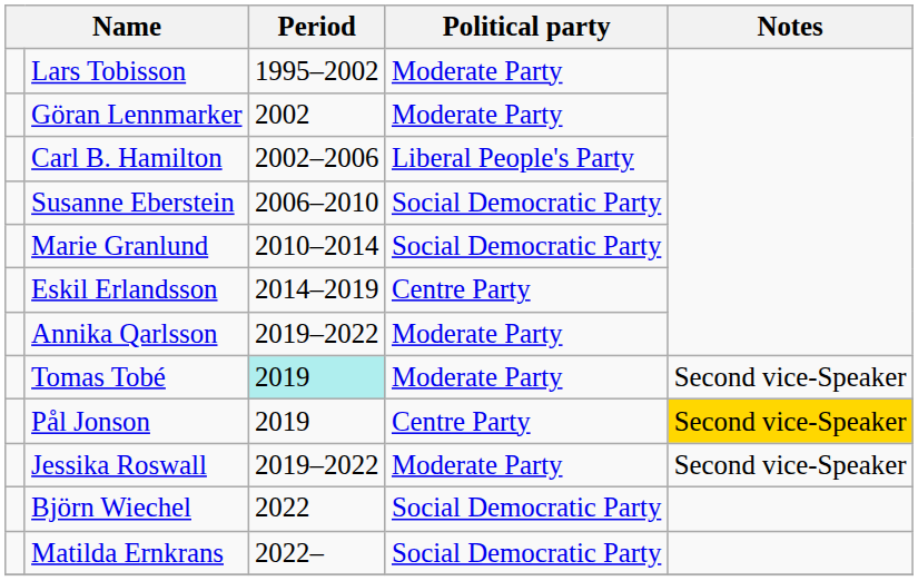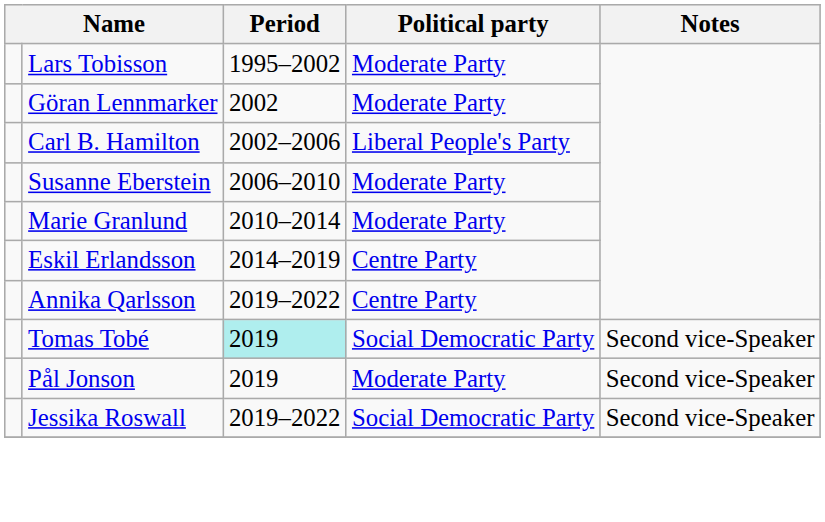 <table class="wikitable">
 <tr>
 <th colspan="2">Name</th>
 <th>Period</th>
 <th>Political party</th>
 <th>Notes</th>
 </tr>
 <tr>
 <td> </td>
 <td><a href='#'>Lars Tobisson</a></td>
 <td>1995–2002</td>
 <td><a href='#'>Moderate Party</a></td>
 </tr>
 <tr>
 <td> </td>
 <td><a href='#'>Göran Lennmarker</a></td>
 <td>2002</td>
 <td><a href='#'>Moderate Party</a></td>
 </tr>
 <tr>
 <td> </td>
 <td><a href='#'>Carl B. Hamilton</a></td>
 <td>2002–2006</td>
 <td><a href='#'>Liberal People's Party</a></td>
 </tr>
 <tr>
 <td> </td>
 <td><a href='#'>Susanne Eberstein</a></td>
 <td>2006–2010</td>
-<td><a href='#'>Social Democratic Party</a></td>
+<td><a href='#'>Moderate Party</a></td>
 </tr>
 <tr>
 <td> </td>
 <td><a href='#'>Marie Granlund</a></td>
 <td>2010–2014</td>
-<td><a href='#'>Social Democratic Party</a></td>
+<td><a href='#'>Moderate Party</a></td>
 </tr>
 <tr>
 <td> </td>
 <td><a href='#'>Eskil Erlandsson</a></td>
 <td>2014–2019</td>
 <td><a href='#'>Centre Party</a></td>
 </tr>
 <tr>
 <td> </td>
 <td><a href='#'>Annika Qarlsson</a></td>
 <td>2019–2022</td>
-<td><a href='#'>Moderate Party</a></td>
+<td><a href='#'>Centre Party</a></td>
 </tr>
 <tr>
 <td> </td>
 <td><a href='#'>Tomas Tobé</a></td>
 <td style="background: paleturquoise;">2019 </td>
-<td><a href='#'>Moderate Party</a></td>
+<td><a href='#'>Social Democratic Party</a></td>
 <td>Second vice-Speaker</td>
 </tr>
 <tr>
 <td> </td>
 <td><a href='#'>Pål Jonson</a></td>
 <td>2019</td>
-<td><a href='#'>Centre Party</a></td>
-<td style="background: gold;">Second vice-Speaker</td>
+<td><a href='#'>Moderate Party</a></td>
+<td>Second vice-Speaker</td>
 </tr>
 <tr>
 <td bgcolor=> </td>
 <td><a href='#'>Jessika Roswall</a></td>
 <td>2019–2022</td>
-<td><a href='#'>Moderate Party</a></td>
+<td><a href='#'>Social Democratic Party</a></td>
 <td>Second vice-Speaker</td>
-</tr>
-<tr>
-<td> </td>
-<td><a href='#'>Björn Wiechel</a></td>
-<td>2022</td>
-<td><a href='#'>Social Democratic Party</a></td>
-<td></td>
-</tr>
-<tr>
-<td> </td>
-<td><a href='#'>Matilda Ernkrans</a></td>
-<td>2022–</td>
-<td><a href='#'>Social Democratic Party</a></td>
-<td></td>
 </tr>
 <tr>
 </tr>
 </table>
